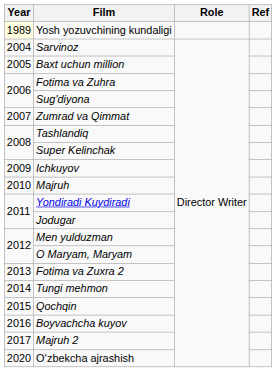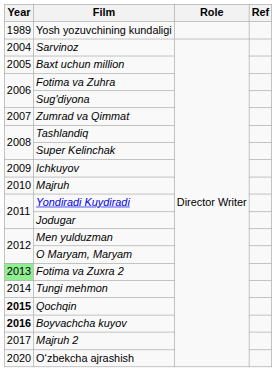 <table class = "wikitable sortable">
 <tr>
 <th>Year</th>
 <th>Film</th>
 <th>Role</th>
 <th>Ref</th>
 </tr>
 <tr>
-<td style="background: lightyellow;">1989</td>
+<td>1989</td>
 <td>Yosh yozuvchining kundaligi</td>
 <td></td>
 <td></td>
 </tr>
 <tr>
 <td>2004</td>
 <td><em>Sarvinoz</em></td>
 <td rowspan="19">Director Writer</td>
 <td></td>
 </tr>
 <tr>
 <td>2005</td>
 <td><em>Baxt uchun million</em></td>
 <td></td>
 </tr>
 <tr>
 <td rowspan="2">2006</td>
 <td><em>Fotima va Zuhra</em></td>
 <td></td>
 </tr>
 <tr>
 <td><em>Sug'diyona</em></td>
 <td></td>
 </tr>
 <tr>
 <td>2007</td>
 <td><em>Zumrad va Qimmat</em></td>
 <td></td>
 </tr>
 <tr>
 <td rowspan="2">2008</td>
 <td><em>Tashlandiq</em></td>
 <td></td>
 </tr>
 <tr>
 <td><em>Super Kelinchak</em></td>
 <td></td>
 </tr>
 <tr>
 <td>2009</td>
 <td><em>Ichkuyov</em></td>
 <td></td>
 </tr>
 <tr>
 <td>2010</td>
 <td><em>Majruh</em></td>
 <td></td>
 </tr>
 <tr>
 <td rowspan="2">2011</td>
 <td><em><a href='#'>Yondiradi Kuydiradi</a></em></td>
 <td></td>
 </tr>
 <tr>
 <td><em>Jodugar</em></td>
 <td></td>
 </tr>
 <tr>
 <td rowspan="2">2012</td>
 <td><em>Men yulduzman</em></td>
 <td></td>
 </tr>
 <tr>
 <td><em>O Maryam, Maryam</em></td>
 <td></td>
 </tr>
 <tr>
-<td>2013</td>
+<td style="background: lightgreen;">2013</td>
 <td><em>Fotima va Zuxra 2</em></td>
 <td></td>
 </tr>
 <tr>
 <td>2014</td>
 <td><em>Tungi mehmon</em></td>
 <td></td>
 </tr>
 <tr>
-<td>2015</td>
+<td><strong>2015</strong></td>
 <td><em>Qochqin</em></td>
 <td></td>
 </tr>
 <tr>
-<td>2016</td>
+<td><strong>2016</strong></td>
 <td><em>Boyvachcha kuyov</em></td>
 <td></td>
 </tr>
 <tr>
 <td>2017</td>
 <td><em>Majruh 2</em></td>
 <td></td>
 </tr>
 <tr>
 <td>2020</td>
 <td>Oʻzbekcha ajrashish</td>
 <td></td>
 </tr>
 </table>
